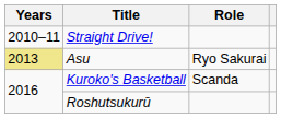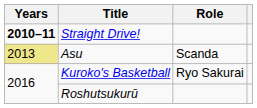 <table class="wikitable">
 <tr>
 <th>Years</th>
 <th>Title</th>
 <th>Role</th>
 <th></th>
 </tr>
 <tr>
-<td>2010–11</td>
+<td><strong>2010–11</strong></td>
 <td><em><a href='#'>Straight Drive!</a></em></td>
 <td></td>
 <td></td>
 </tr>
 <tr>
 <td style="background: khaki;">2013</td>
 <td><em>Asu</em></td>
-<td>Ryo Sakurai</td>
+<td>Scanda</td>
 <td></td>
 </tr>
 <tr>
 <td rowspan="2">2016</td>
 <td><em><a href='#'>Kuroko's Basketball</a></em></td>
-<td>Scanda</td>
+<td>Ryo Sakurai</td>
 <td></td>
 </tr>
 <tr>
 <td><em>Roshutsukurū</em></td>
 <td></td>
 <td></td>
 </tr>
 </table>
